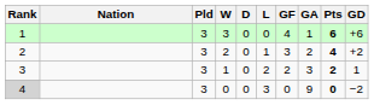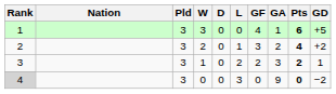 <table class="wikitable" style="text-align: center;">
 <tr>
 <th width=5>Rank</th>
 <th width=200>Nation</th>
 <th width=20>Pld</th>
 <th width=20>W</th>
 <th width=20>D</th>
 <th width=20>L</th>
 <th width=20>GF</th>
 <th width=20>GA</th>
 <th width=20>Pts</th>
 <th width=20>GD</th>
 </tr>
 <tr style="background:#cfc;">
 <td>1</td>
 <td style="text-align:left"></td>
 <td>3</td>
 <td>3</td>
 <td>0</td>
 <td>0</td>
 <td>4</td>
 <td>1</td>
 <td><strong>6</strong></td>
-<td>+6</td>
+<td>+5</td>
 </tr>
 <tr>
 <td>2</td>
 <td style="text-align:left"></td>
 <td>3</td>
 <td>2</td>
 <td>0</td>
 <td>1</td>
 <td>3</td>
 <td>2</td>
 <td><strong>4</strong></td>
 <td>+2</td>
 </tr>
 <tr>
 <td>3</td>
 <td style="text-align:left"></td>
 <td>3</td>
 <td>1</td>
 <td>0</td>
 <td>2</td>
 <td>2</td>
 <td>3</td>
 <td><strong>2</strong></td>
 <td>1</td>
 </tr>
 <tr>
 <td style="background: lightgrey;">4</td>
 <td style="text-align:left"></td>
 <td>3</td>
 <td>0</td>
 <td>0</td>
 <td>3</td>
 <td>0</td>
 <td>9</td>
 <td><strong>0</strong></td>
 <td>−2</td>
 </tr>
 </table>
